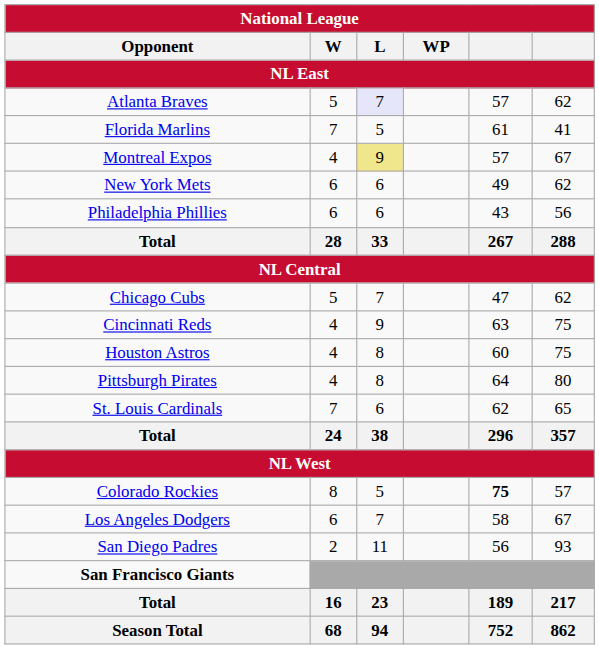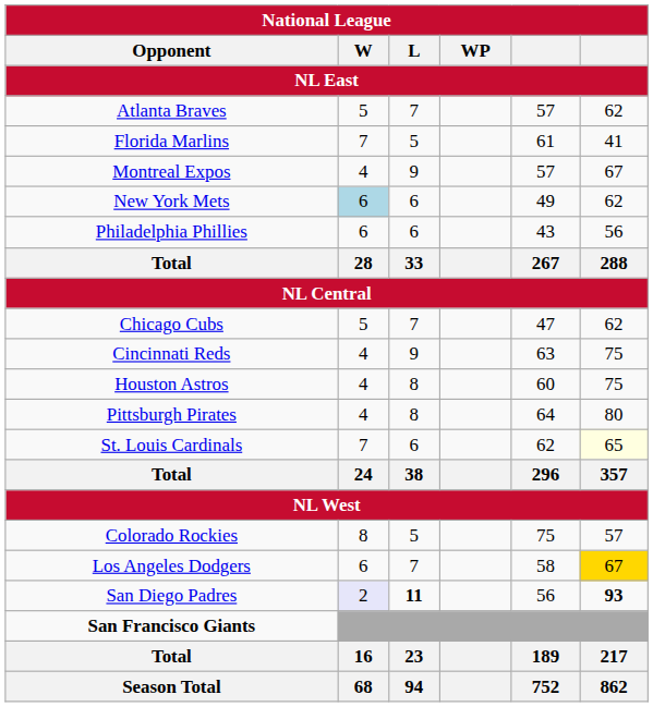 <table class="wikitable" style="font-size:95%; text-align:center; width:35em;margin: 0.5em auto;">
 <tr>
 <th colspan="7" style="background:#c60c30; color:#ffffff;">National League</th>
 </tr>
 <tr>
 <th>Opponent</th>
 <th>W</th>
 <th>L</th>
 <th>WP</th>
 <th></th>
 <th></th>
 </tr>
 <tr>
 <th colspan="7" style="background:#c60c30; color:#ffffff;">NL East</th>
 </tr>
 <tr>
 <td><a href='#'>Atlanta Braves</a></td>
 <td>5</td>
-<td style="background: lavender;">7</td>
+<td>7</td>
 <td></td>
 <td>57</td>
 <td>62</td>
 </tr>
 <tr>
 <td><a href='#'>Florida Marlins</a></td>
 <td>7</td>
 <td>5</td>
 <td></td>
 <td>61</td>
 <td>41</td>
 </tr>
 <tr>
 <td><a href='#'>Montreal Expos</a></td>
 <td>4</td>
-<td style="background: khaki;">9</td>
+<td>9</td>
 <td></td>
 <td>57</td>
 <td>67</td>
 </tr>
 <tr>
 <td><a href='#'>New York Mets</a></td>
-<td>6</td>
+<td style="background: lightblue;">6</td>
 <td>6</td>
 <td></td>
 <td>49</td>
 <td>62</td>
 </tr>
 <tr>
 <td><a href='#'>Philadelphia Phillies</a></td>
 <td>6</td>
 <td>6</td>
 <td></td>
 <td>43</td>
 <td>56</td>
 </tr>
 <tr>
 <th>Total</th>
 <th>28</th>
 <th>33</th>
 <th></th>
 <th>267</th>
 <th>288</th>
 </tr>
 <tr>
 <th colspan="7" style="background:#c60c30; color:#ffffff;">NL Central</th>
 </tr>
 <tr>
 <td><a href='#'>Chicago Cubs</a></td>
 <td>5</td>
 <td>7</td>
 <td></td>
 <td>47</td>
 <td>62</td>
 </tr>
 <tr>
 <td><a href='#'>Cincinnati Reds</a></td>
 <td>4</td>
 <td>9</td>
 <td></td>
 <td>63</td>
 <td>75</td>
 </tr>
 <tr>
 <td><a href='#'>Houston Astros</a></td>
 <td>4</td>
 <td>8</td>
 <td></td>
 <td>60</td>
 <td>75</td>
 </tr>
 <tr>
 <td><a href='#'>Pittsburgh Pirates</a></td>
 <td>4</td>
 <td>8</td>
 <td></td>
 <td>64</td>
 <td>80</td>
 </tr>
 <tr>
 <td><a href='#'>St. Louis Cardinals</a></td>
 <td>7</td>
 <td>6</td>
 <td></td>
 <td>62</td>
-<td>65</td>
+<td style="background: lightyellow;">65</td>
 </tr>
 <tr>
 <th>Total</th>
 <th>24</th>
 <th>38</th>
 <th></th>
 <th>296</th>
 <th>357</th>
 </tr>
 <tr>
 <th colspan="7" style="background:#c60c30; color:#ffffff;">NL West</th>
 </tr>
 <tr>
 <td><a href='#'>Colorado Rockies</a></td>
 <td>8</td>
 <td>5</td>
 <td></td>
-<td><strong>75</strong></td>
+<td>75</td>
 <td>57</td>
 </tr>
 <tr>
 <td><a href='#'>Los Angeles Dodgers</a></td>
 <td>6</td>
 <td>7</td>
 <td></td>
 <td>58</td>
-<td>67</td>
+<td style="background: gold;">67</td>
 </tr>
 <tr>
 <td><a href='#'>San Diego Padres</a></td>
-<td>2</td>
-<td>11</td>
+<td style="background: lavender;">2</td>
+<td><strong>11</strong></td>
 <td></td>
 <td>56</td>
-<td>93</td>
+<td><strong>93</strong></td>
 </tr>
 <tr>
 <td><strong>San Francisco Giants</strong></td>
 <td colspan=5 style="background:darkgray;"></td>
 </tr>
 <tr>
 <th>Total</th>
 <th>16</th>
 <th>23</th>
 <th></th>
 <th>189</th>
 <th>217</th>
 </tr>
 <tr>
 <th>Season Total</th>
 <th>68</th>
 <th>94</th>
 <th></th>
 <th>752</th>
 <th>862</th>
 </tr>
 </table>
